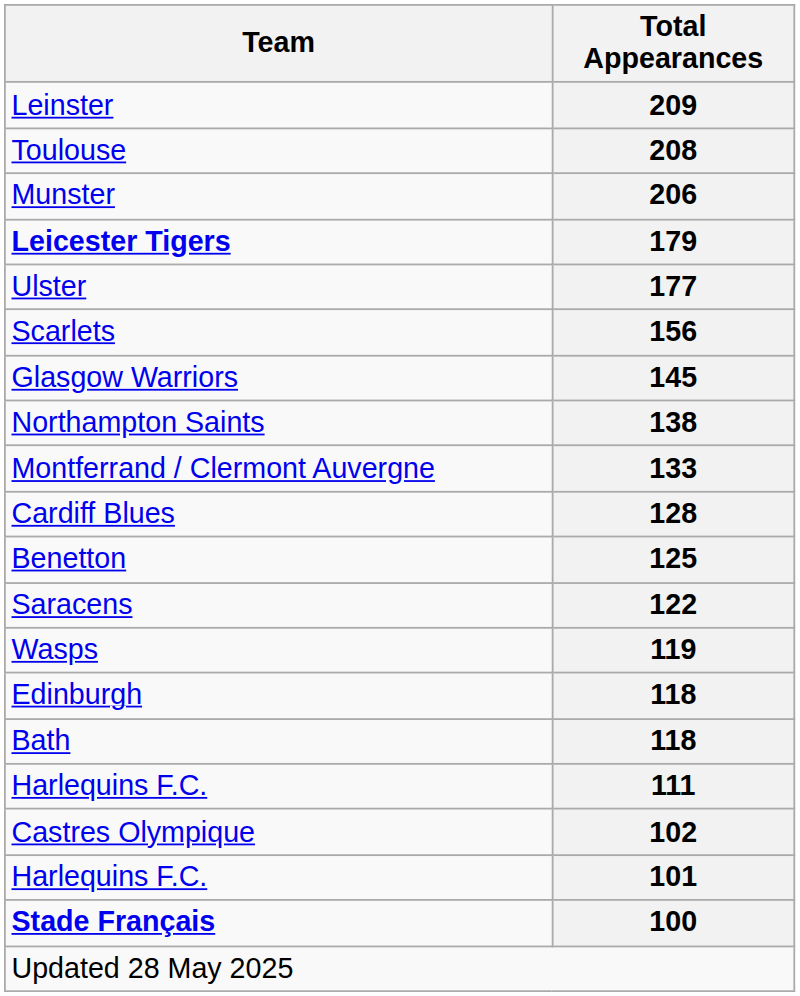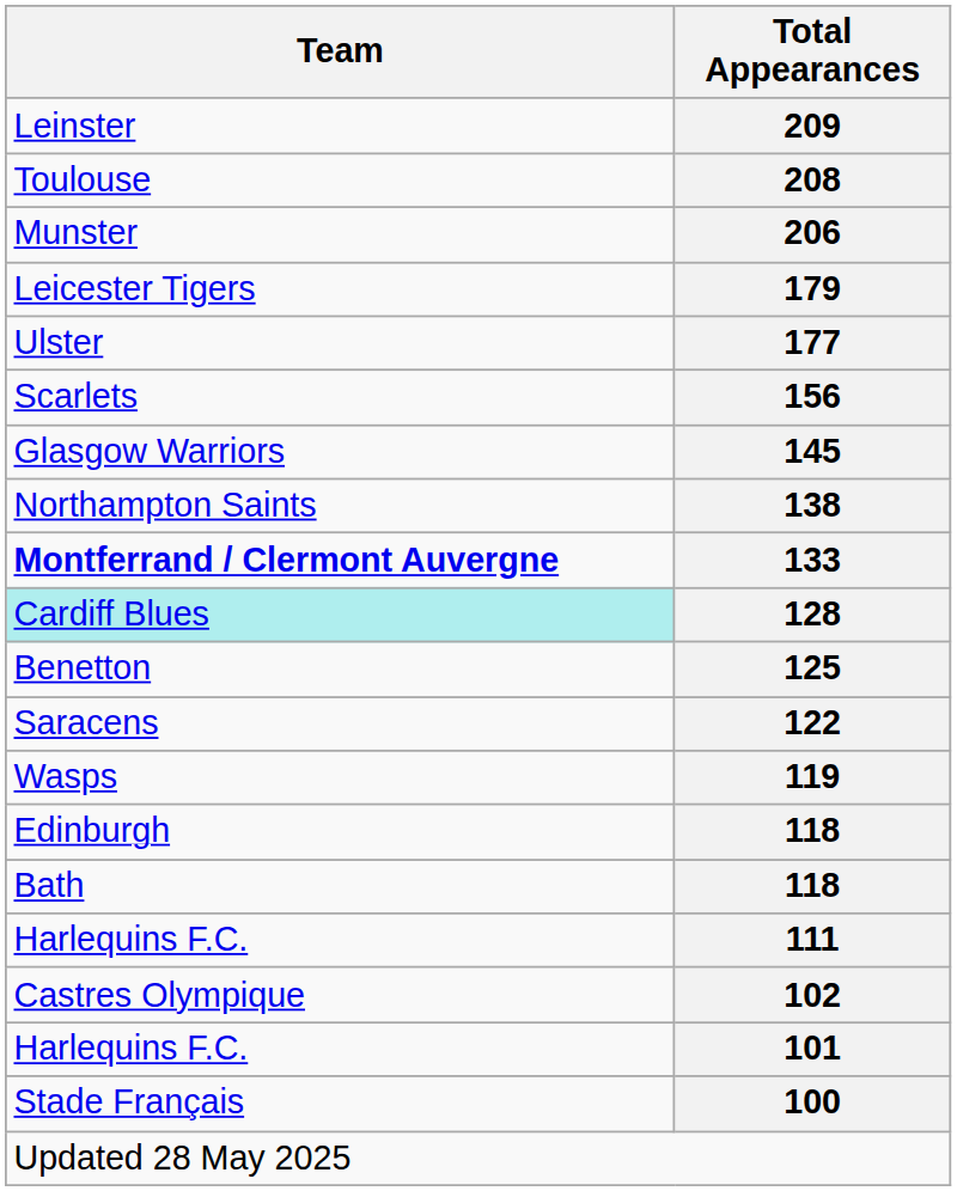 <table class="wikitable sortable" width="50%">
 <tr>
 <th scope=col>Team</th>
 <th scope=col>Total <br> Appearances</th>
 </tr>
 <tr>
 <td> <a href='#'>Leinster</a></td>
 <th>209</th>
 </tr>
 <tr>
 <td> <a href='#'>Toulouse</a></td>
 <th>208</th>
 </tr>
 <tr>
 <td> <a href='#'>Munster</a></td>
 <th>206</th>
 </tr>
 <tr>
-<td><strong> <a href='#'>Leicester Tigers</a></strong></td>
+<td> <a href='#'>Leicester Tigers</a></td>
 <th>179</th>
 </tr>
 <tr>
 <td> <a href='#'>Ulster</a></td>
 <th>177</th>
 </tr>
 <tr>
 <td> <a href='#'>Scarlets</a> </td>
 <th>156</th>
 </tr>
 <tr>
 <td> <a href='#'>Glasgow Warriors</a></td>
 <th>145</th>
 </tr>
 <tr>
 <td> <a href='#'>Northampton Saints</a></td>
 <th>138</th>
 </tr>
 <tr>
-<td> <a href='#'>Montferrand / Clermont Auvergne</a></td>
+<td><strong> <a href='#'>Montferrand / Clermont Auvergne</a></strong></td>
 <th>133</th>
 </tr>
 <tr>
-<td> <a href='#'>Cardiff Blues</a> </td>
+<td style="background: paleturquoise;"> <a href='#'>Cardiff Blues</a> </td>
 <th>128</th>
 </tr>
 <tr>
 <td> <a href='#'>Benetton</a></td>
 <th>125</th>
 </tr>
 <tr>
 <td> <a href='#'>Saracens</a></td>
 <th>122</th>
 </tr>
 <tr>
 <td> <a href='#'>Wasps</a></td>
 <th>119</th>
 </tr>
 <tr>
 <td> <a href='#'>Edinburgh</a></td>
 <th>118</th>
 </tr>
 <tr>
 <td> <a href='#'>Bath</a></td>
 <th>118</th>
 </tr>
 <tr>
 <td> <a href='#'>Harlequins F.C.</a></td>
 <th>111</th>
 </tr>
 <tr>
 <td> <a href='#'>Castres Olympique</a></td>
 <th>102</th>
 </tr>
 <tr>
 <td> <a href='#'>Harlequins F.C.</a></td>
 <th>101</th>
 </tr>
 <tr>
-<td><strong> <a href='#'>Stade Français</a></strong></td>
+<td> <a href='#'>Stade Français</a></td>
 <th>100</th>
 </tr>
 <tr>
 <td colspan="4" style="border:0px"> Updated 28 May 2025</td>
 </tr>
 </table>
